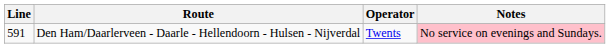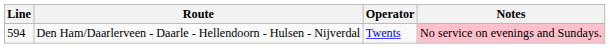 <table class="wikitable">
 <tr>
 <th>Line</th>
 <th>Route</th>
 <th>Operator</th>
 <th>Notes</th>
 </tr>
 <tr>
-<td>591</td>
+<td>594</td>
 <td>Den Ham/Daarlerveen - Daarle - Hellendoorn - Hulsen - Nijverdal</td>
 <td><a href='#'>Twents</a></td>
 <td style="background: pink;">No service on evenings and Sundays.</td>
 </tr>
 </table>
